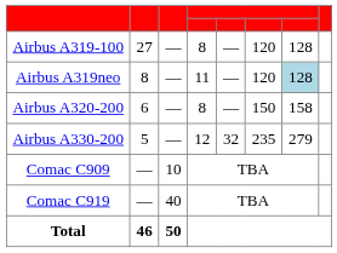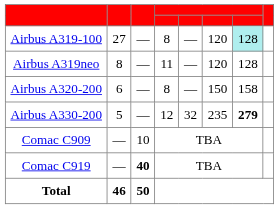 <table class="toccolours" border="1" cellpadding="6" style="margin:1em auto;border-collapse:collapse;text-align:center">
 <tr bgcolor=red>
 <th rowspan="2"></th>
 <th rowspan="2"></th>
 <th rowspan="2"></th>
 <th colspan="4"></th>
 <th rowspan="2"></th>
 </tr>
 <tr bgcolor=red>
 <th><abbr></abbr></th>
 <th><abbr></abbr></th>
 <th><abbr></abbr></th>
 <th></th>
 </tr>
 <tr>
 <td><a href='#'>Airbus A319-100</a></td>
 <td>27</td>
 <td>—</td>
 <td>8</td>
 <td>—</td>
 <td>120</td>
-<td>128</td>
+<td style="background: paleturquoise;">128</td>
 <td></td>
 </tr>
 <tr>
 <td><a href='#'>Airbus A319neo</a></td>
 <td>8</td>
 <td>—</td>
 <td>11</td>
 <td>—</td>
 <td>120</td>
-<td style="background: lightblue;">128</td>
+<td>128</td>
 <td></td>
 </tr>
 <tr>
 <td><a href='#'>Airbus A320-200</a></td>
 <td>6</td>
 <td>—</td>
 <td>8</td>
 <td>—</td>
 <td>150</td>
 <td>158</td>
 <td></td>
 </tr>
 <tr>
 <td><a href='#'>Airbus A330-200</a></td>
 <td>5</td>
 <td>—</td>
 <td>12</td>
 <td>32</td>
 <td>235</td>
-<td>279</td>
+<td><strong>279</strong></td>
 <td></td>
 </tr>
 <tr>
 <td><a href='#'>Comac C909</a></td>
 <td>—</td>
 <td>10</td>
 <td colspan="4"><abbr>TBA</abbr></td>
 <td></td>
 </tr>
 <tr>
 <td><a href='#'>Comac C919</a></td>
 <td>—</td>
-<td>40</td>
+<td><strong>40</strong></td>
 <td colspan="4"><abbr>TBA</abbr></td>
 <td></td>
 </tr>
 <tr>
 <th>Total</th>
 <th>46</th>
 <th>50</th>
 <td colspan="5"></td>
 </tr>
 </table>
